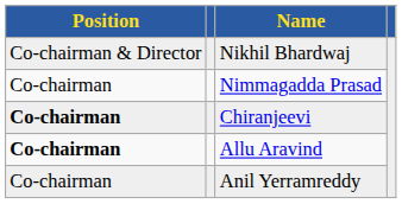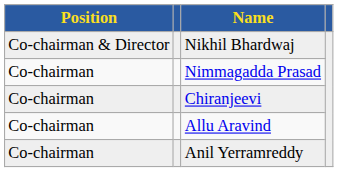 <table class="wikitable sortable" style="text-align:center; font-size:95%;">
 <tr>
 <th style="background:#2A5AA1; color:#FADF20; text-align:center;">Position</th>
 <th style="background:#2A5AA1; color:#FADF20; text-align:center;"></th>
 <th style="background:#2A5AA1; color:#FADF20; text-align:center;">Name</th>
 <th style="background:#2A5AA1; color:#FADF20; text-align:center;"></th>
 </tr>
 <tr bgcolor="#EFEFEF">
 <td style="text-align:left;">Co-chairman & Director</td>
 <td style="text-align:left;"></td>
 <td style="text-align:left;"> Nikhil Bhardwaj</td>
 <td rowspan="5"></td>
 </tr>
 <tr>
 <td style="text-align:left;">Co-chairman</td>
 <td style="text-align:left;"></td>
 <td style="text-align:left;"> <a href='#'>Nimmagadda Prasad</a></td>
 </tr>
 <tr bgcolor="#EFEFEF">
-<td style="text-align:left;"><strong>Co-chairman</strong></td>
+<td style="text-align:left;">Co-chairman</td>
 <td style="text-align:left;"></td>
 <td style="text-align:left;"> <a href='#'>Chiranjeevi</a></td>
 </tr>
 <tr>
-<td style="text-align:left;"><strong>Co-chairman</strong></td>
+<td style="text-align:left;">Co-chairman</td>
 <td style="text-align:left;"></td>
 <td style="text-align:left;"> <a href='#'>Allu Aravind</a></td>
 </tr>
 <tr bgcolor="#EFEFEF">
 <td style="text-align:left;">Co-chairman</td>
 <td style="text-align:left;"></td>
 <td style="text-align:left;"> Anil Yerramreddy</td>
 </tr>
 </table>
